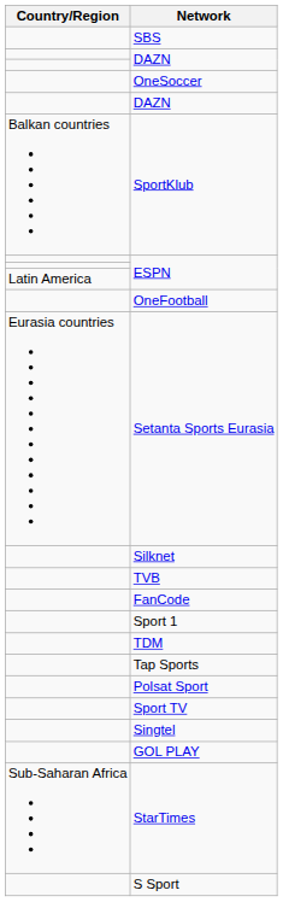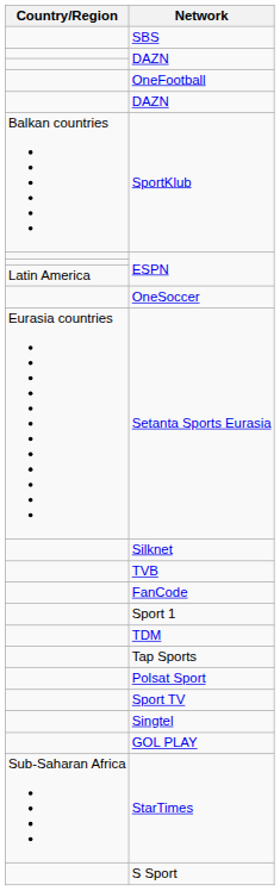 <table class=wikitable>
 <tr>
 <th>Country/Region</th>
 <th>Network</th>
 </tr>
 <tr>
 <td></td>
 <td><a href='#'>SBS</a></td>
 </tr>
 <tr>
 <td></td>
 <td rowspan="2"><a href='#'>DAZN</a></td>
 </tr>
 <tr>
 <td></td>
 </tr>
 <tr>
 <td></td>
-<td><a href='#'>OneSoccer</a></td>
+<td><a href='#'>OneFootball</a></td>
 </tr>
 <tr>
 <td></td>
 <td><a href='#'>DAZN</a></td>
 </tr>
 <tr>
 <td>Balkan countries<br><ul><li></li><li></li><li></li><li></li><li></li><li></li></ul></td>
 <td><a href='#'>SportKlub</a></td>
 </tr>
 <tr>
 <td></td>
 <td rowspan="3"><a href='#'>ESPN</a></td>
 </tr>
 <tr>
 <td></td>
 </tr>
 <tr>
 <td>Latin America</td>
 </tr>
 <tr>
 <td></td>
-<td><a href='#'>OneFootball</a></td>
+<td><a href='#'>OneSoccer</a></td>
 </tr>
 <tr>
 <td>Eurasia countries<br><ul><li></li><li></li><li></li><li></li><li></li><li></li><li></li><li></li><li></li><li></li><li></li><li></li></ul></td>
 <td><a href='#'>Setanta Sports Eurasia</a></td>
 </tr>
 <tr>
 <td></td>
 <td><a href='#'>Silknet</a></td>
 </tr>
 <tr>
 <td></td>
 <td><a href='#'>TVB</a></td>
 </tr>
 <tr>
 <td></td>
 <td><a href='#'>FanCode</a></td>
 </tr>
 <tr>
 <td></td>
 <td>Sport 1</td>
 </tr>
 <tr>
 <td></td>
 <td><a href='#'>TDM</a></td>
 </tr>
 <tr>
 <td></td>
 <td>Tap Sports</td>
 </tr>
 <tr>
 <td></td>
 <td><a href='#'>Polsat Sport</a></td>
 </tr>
 <tr>
 <td></td>
 <td><a href='#'>Sport TV</a></td>
 </tr>
 <tr>
 <td></td>
 <td><a href='#'>Singtel</a></td>
 </tr>
 <tr>
 <td></td>
 <td><a href='#'>GOL PLAY</a></td>
 </tr>
 <tr>
 <td>Sub-Saharan Africa<br><ul><li></li><li></li><li></li><li></li></ul></td>
 <td><a href='#'>StarTimes</a></td>
 </tr>
 <tr>
 <td></td>
 <td>S Sport</td>
 </tr>
 </table>
